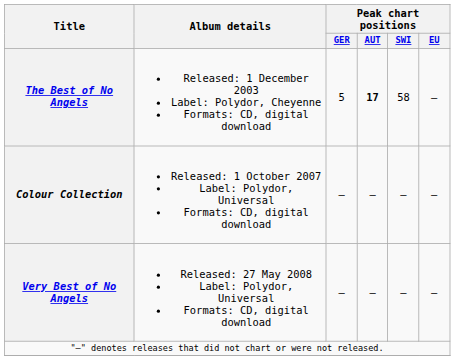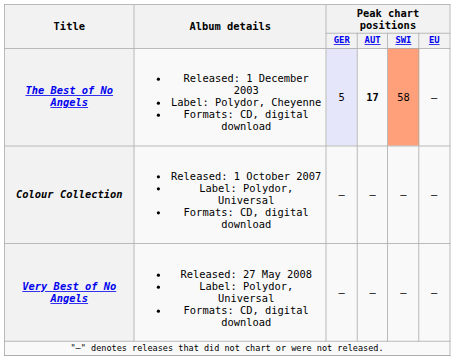 <table class="wikitable plainrowheaders" style="text-align:center;" border="1">
 <tr>
 <th scope="col" rowspan="2" style="width:12em;">Title</th>
 <th scope="col" rowspan="2" style="width:18em;">Album details</th>
 <th scope="col" colspan="4">Peak chart positions</th>
 </tr>
 <tr>
 <th style="width:3em;font-size:85%"><a href='#'>GER</a><br></th>
 <th style="width:3em;font-size:85%"><a href='#'>AUT</a><br></th>
 <th style="width:3em;font-size:85%"><a href='#'>SWI</a><br></th>
 <th style="width:3em;font-size:85%"><a href='#'>EU</a><br></th>
 </tr>
 <tr>
 <th scope="row"><em><a href='#'>The Best of No Angels</a></em></th>
 <td><br><ul><li>Released: 1 December 2003</li><li>Label: Polydor, Cheyenne</li><li>Formats: CD, digital download</li></ul></td>
-<td>5</td>
+<td style="background: lavender;">5</td>
 <td><strong>17</strong></td>
-<td>58</td>
+<td style="background: lightsalmon;">58</td>
 <td>—</td>
 </tr>
 <tr>
 <th scope="row"><em>Colour Collection</em></th>
 <td><br><ul><li>Released: 1 October 2007</li><li>Label: Polydor, Universal</li><li>Formats: CD, digital download</li></ul></td>
 <td>—</td>
 <td>—</td>
 <td>—</td>
 <td>—</td>
 </tr>
 <tr>
 <th scope="row"><em><a href='#'>Very Best of No Angels</a></em></th>
 <td><br><ul><li>Released: 27 May 2008</li><li>Label: Polydor, Universal</li><li>Formats: CD, digital download</li></ul></td>
 <td>—</td>
 <td>—</td>
 <td>—</td>
 <td>—</td>
 </tr>
 <tr>
 <td colspan="16" style="font-size: 8pt">"—" denotes releases that did not chart or were not released.</td>
 </tr>
 <tr>
 </tr>
 </table>
